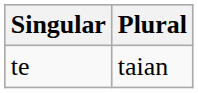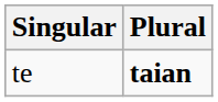 <table class="wikitable">
 <tr>
 <th>Singular</th>
 <th>Plural</th>
 </tr>
 <tr>
 <td>te</td>
-<td>taian</td>
+<td><strong>taian</strong></td>
 </tr>
 </table>
